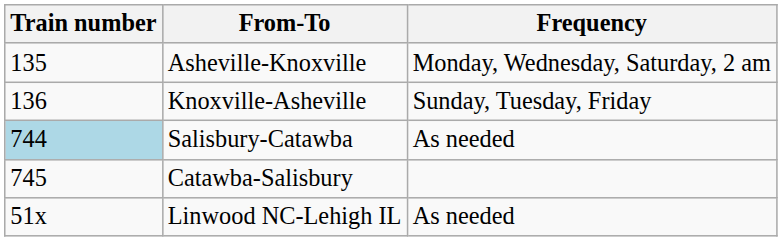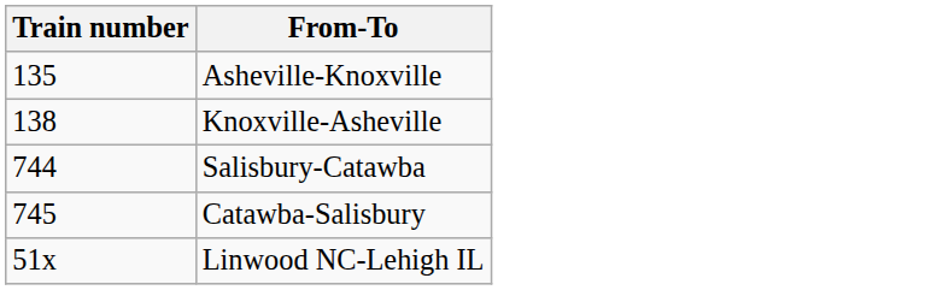 <table class="wikitable">
 <tr>
 <th>Train number</th>
 <th>From-To</th>
-<th>Frequency</th>
 </tr>
 <tr>
 <td>135</td>
 <td>Asheville-Knoxville</td>
-<td>Monday, Wednesday, Saturday, 2 am</td>
 </tr>
 <tr>
-<td>136</td>
+<td>138</td>
 <td>Knoxville-Asheville</td>
-<td>Sunday, Tuesday, Friday</td>
 </tr>
 <tr>
-<td style="background: lightblue;">744</td>
+<td>744</td>
 <td>Salisbury-Catawba</td>
-<td>As needed</td>
 </tr>
 <tr>
 <td>745</td>
 <td>Catawba-Salisbury</td>
-<td></td>
 </tr>
 <tr>
 <td>51x</td>
 <td>Linwood NC-Lehigh IL</td>
-<td>As needed</td>
 </tr>
 </table>
